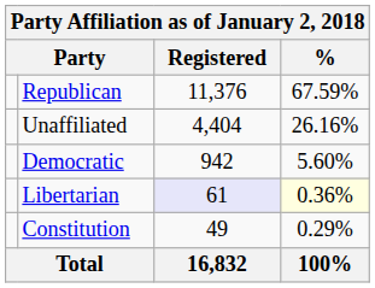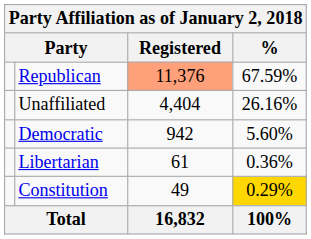 <table class="wikitable float">
 <tr>
 <th colspan = 6>Party Affiliation as of January 2, 2018</th>
 </tr>
 <tr>
 <th colspan = 2>Party</th>
 <th>Registered</th>
 <th>%</th>
 </tr>
 <tr>
 <td></td>
 <td><a href='#'>Republican</a></td>
-<td style="text-align:center;">11,376</td>
+<td style="background: lightsalmon; text-align:center;">11,376</td>
 <td style="text-align:center;">67.59%</td>
 </tr>
 <tr>
 <td></td>
 <td>Unaffiliated</td>
 <td style="text-align:center;">4,404</td>
 <td style="text-align:center;">26.16%</td>
 </tr>
 <tr>
 <td></td>
 <td><a href='#'>Democratic</a></td>
 <td style="text-align:center;">942</td>
 <td style="text-align:center;">5.60%</td>
 </tr>
 <tr>
 <td></td>
 <td><a href='#'>Libertarian</a></td>
-<td style="background: lavender; text-align:center;">61</td>
-<td style="background: lightyellow; text-align:center;">0.36%</td>
+<td style="text-align:center;">61</td>
+<td style="text-align:center;">0.36%</td>
 </tr>
 <tr>
 <td></td>
 <td><a href='#'>Constitution</a></td>
 <td style="text-align:center;">49</td>
-<td style="text-align:center;">0.29%</td>
+<td style="background: gold; text-align:center;">0.29%</td>
 </tr>
 <tr>
 <th colspan="2">Total</th>
 <th style="text-align:center;">16,832</th>
 <th style="text-align:center;">100%</th>
 </tr>
 </table>
